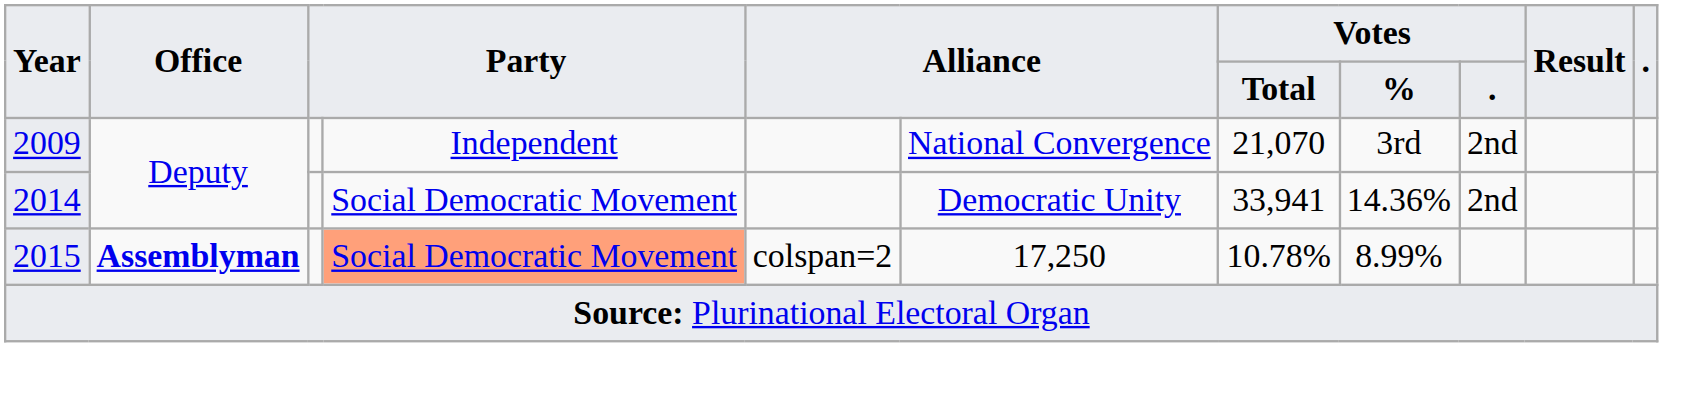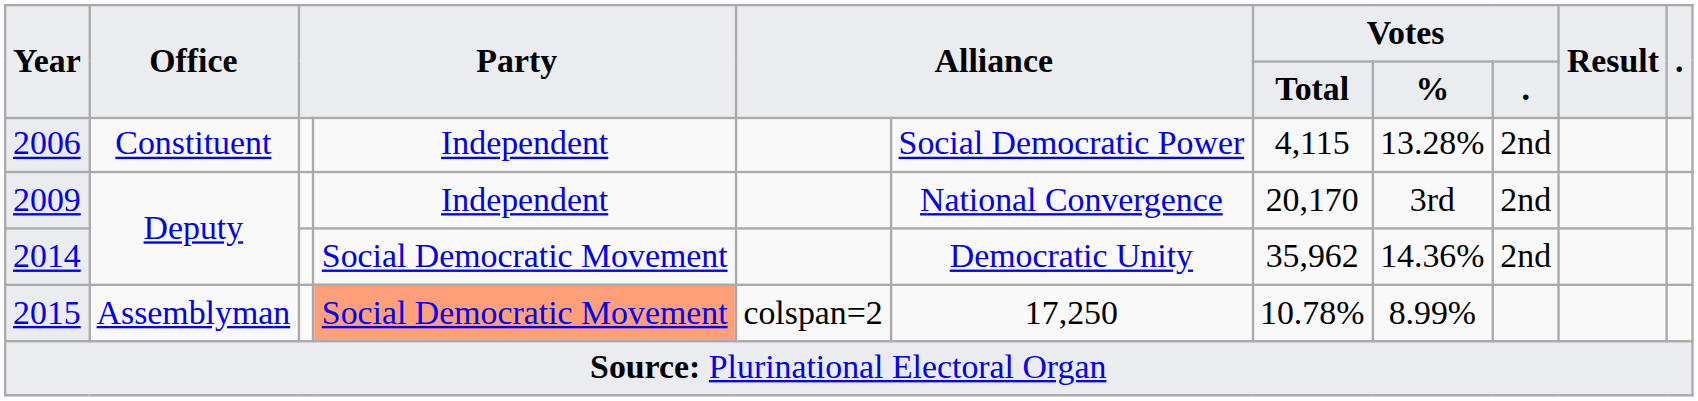 <table class="wikitable" style="font-size:90%; text-align:center;">
 <tr>
 <th style="background-color:#EAECF0;" rowspan=2>Year</th>
 <th style="background-color:#EAECF0;" rowspan=2>Office</th>
 <th style="background-color:#EAECF0;" colspan=2 rowspan=2>Party</th>
 <th style="background-color:#EAECF0;" colspan=2 rowspan=2>Alliance</th>
 <th style="background-color:#EAECF0;" colspan=3>Votes</th>
 <th style="background-color:#EAECF0;" rowspan=2>Result</th>
 <th style="background-color:#EAECF0;" rowspan=2>.</th>
 </tr>
 <tr>
 <th style="background-color:#EAECF0;">Total</th>
 <th style="background-color:#EAECF0;">%</th>
 <th style="background-color:#EAECF0;">.</th>
 </tr>
 <tr>
+<td style="background-color:#EAECF0;"><a href='#'>2006</a></td>
+<td><a href='#'>Constituent</a></td>
+<td style="background-color:"></td>
+<td><a href='#'>Independent</a></td>
+<td style="background-color:"></td>
+<td><a href='#'>Social Democratic Power</a></td>
+<td>4,115</td>
+<td>13.28%</td>
+<td>2nd</td>
+<td></td>
+<td></td>
+</tr>
+<tr>
 <td style="background-color:#EAECF0;"><a href='#'>2009</a></td>
 <td rowspan=2><a href='#'>Deputy</a></td>
 <td style="background-color:"></td>
 <td><a href='#'>Independent</a></td>
 <td style="background-color:"></td>
 <td><a href='#'>National Convergence</a></td>
-<td>21,070</td>
+<td>20,170</td>
 <td>3rd</td>
 <td>2nd</td>
 <td></td>
 <td></td>
 </tr>
 <tr>
 <td style="background-color:#EAECF0;"><a href='#'>2014</a></td>
 <td style="background-color:"></td>
 <td><a href='#'>Social Democratic Movement</a></td>
 <td style="background-color:"></td>
 <td><a href='#'>Democratic Unity</a></td>
-<td>33,941</td>
+<td>35,962</td>
 <td>14.36%</td>
 <td>2nd</td>
 <td></td>
 <td></td>
 </tr>
 <tr>
 <td style="background-color:#EAECF0;"><a href='#'>2015</a></td>
-<td><strong><a href='#'>Assemblyman</a></strong></td>
+<td><a href='#'>Assemblyman</a></td>
 <td style="background-color:"></td>
 <td style="background: lightsalmon;"><a href='#'>Social Democratic Movement</a></td>
 <td>colspan=2 </td>
 <td>17,250</td>
 <td>10.78%</td>
 <td>8.99%</td>
 <td></td>
 <td></td>
 </tr>
 <tr>
 <td style="background-color:#EAECF0;" colspan=11><strong>Source:</strong> <a href='#'>Plurinational Electoral Organ</a>  </td>
 </tr>
 </table>
